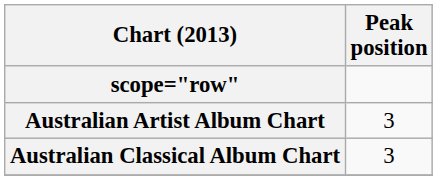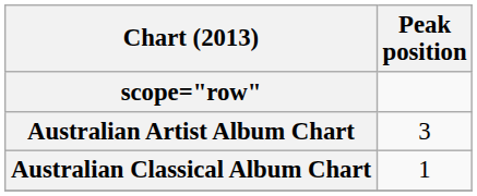 <table class="wikitable sortable plainrowheaders" style="text-align:center;">
 <tr>
 <th scope="col">Chart (2013)</th>
 <th scope="col">Peak<br>position</th>
 </tr>
 <tr>
 <th>scope="row"</th>
 </tr>
 <tr>
 <th scope="row">Australian Artist Album Chart</th>
 <td>3</td>
 </tr>
 <tr>
 <th scope="row">Australian Classical Album Chart</th>
-<td>3</td>
+<td>1</td>
 </tr>
 <tr>
 </tr>
 </table>
